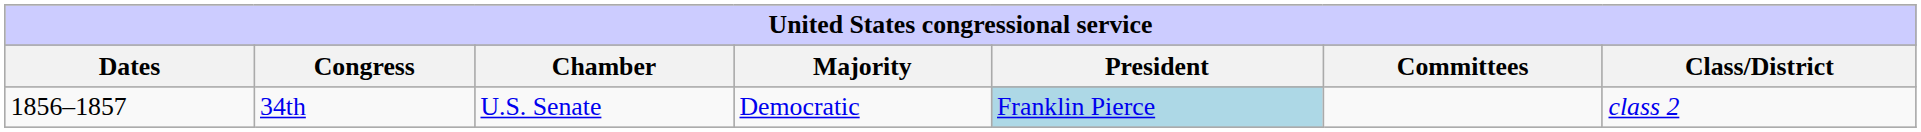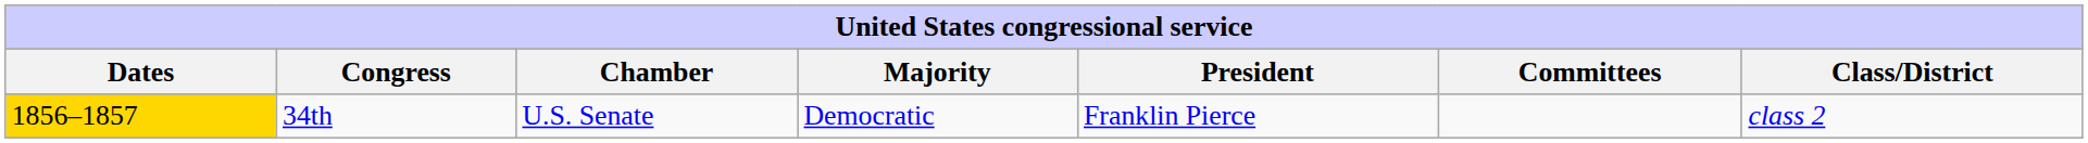 <table class=wikitable style="width: 94%" style="text-align: center;" align="center">
 <tr bgcolor=#cccccc>
 <th colspan=7 style="background: #ccccff;">United States congressional service</th>
 </tr>
 <tr>
 <th><strong>Dates</strong></th>
 <th><strong>Congress</strong></th>
 <th><strong>Chamber</strong></th>
 <th><strong>Majority</strong></th>
 <th><strong>President</strong></th>
 <th><strong>Committees</strong></th>
 <th><strong>Class/District</strong></th>
 </tr>
 <tr>
-<td>1856–1857</td>
+<td style="background: gold;">1856–1857</td>
 <td><a href='#'>34th</a></td>
 <td><a href='#'>U.S. Senate</a></td>
 <td><a href='#'>Democratic</a></td>
-<td style="background: lightblue;"><a href='#'>Franklin Pierce</a></td>
+<td><a href='#'>Franklin Pierce</a></td>
 <td></td>
 <td><a href='#'><em>class 2</em></a></td>
 </tr>
 </table>
